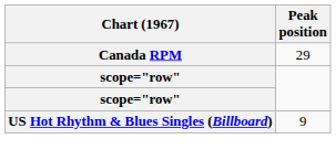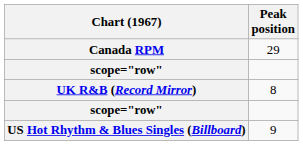 <table class="wikitable sortable plainrowheaders">
 <tr>
 <th scope="col">Chart (1967)</th>
 <th scope="col">Peak<br>position</th>
 </tr>
 <tr>
 <th scope="row">Canada <a href='#'>RPM</a></th>
 <td style="text-align:center;">29</td>
 </tr>
 <tr>
 <th>scope="row" </th>
 </tr>
 <tr>
+<th scope="row"><a href='#'>UK R&B</a> (<em><a href='#'>Record Mirror</a></em>)</th>
+<td align="center">8</td>
+</tr>
+<tr>
 <th>scope="row" </th>
 </tr>
 <tr>
 <th scope="row">US <a href='#'>Hot Rhythm & Blues Singles</a> (<em><a href='#'>Billboard</a></em>)</th>
 <td style="text-align:center;">9</td>
 </tr>
 </table>
